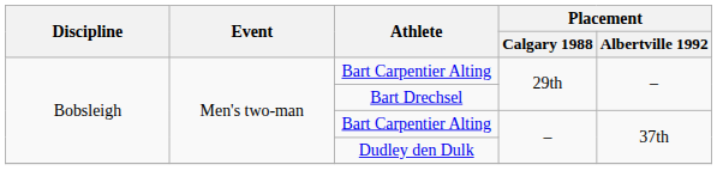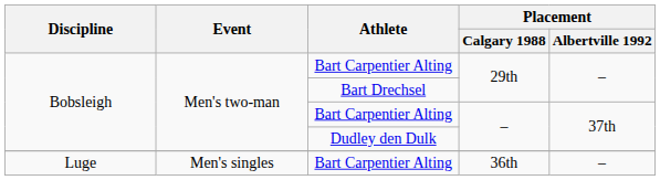 <table class="wikitable sortable">
 <tr>
 <th rowspan="2" width="150">Discipline</th>
 <th rowspan="2" width="150">Event</th>
 <th rowspan="2" width="150">Athlete</th>
 <th colspan="2">Placement</th>
 </tr>
 <tr style="font-size:95%">
 <th>Calgary 1988</th>
 <th>Albertville 1992</th>
 </tr>
 <tr align="center">
 <td rowspan="4"> Bobsleigh</td>
 <td rowspan="4">Men's two-man</td>
 <td><a href='#'>Bart Carpentier Alting</a></td>
 <td rowspan="2">29th</td>
 <td rowspan="2">–</td>
 </tr>
 <tr align="center">
 <td><a href='#'>Bart Drechsel</a></td>
 </tr>
 <tr align="center">
 <td><a href='#'>Bart Carpentier Alting</a></td>
 <td rowspan="2">–</td>
 <td rowspan="2">37th</td>
 </tr>
 <tr align="center">
 <td><a href='#'>Dudley den Dulk</a></td>
 </tr>
 <tr>
 </tr>
+<tr align="center">
+<td> Luge</td>
+<td>Men's singles</td>
+<td><a href='#'>Bart Carpentier Alting</a></td>
+<td>36th</td>
+<td>–</td>
+</tr>
 </table>
